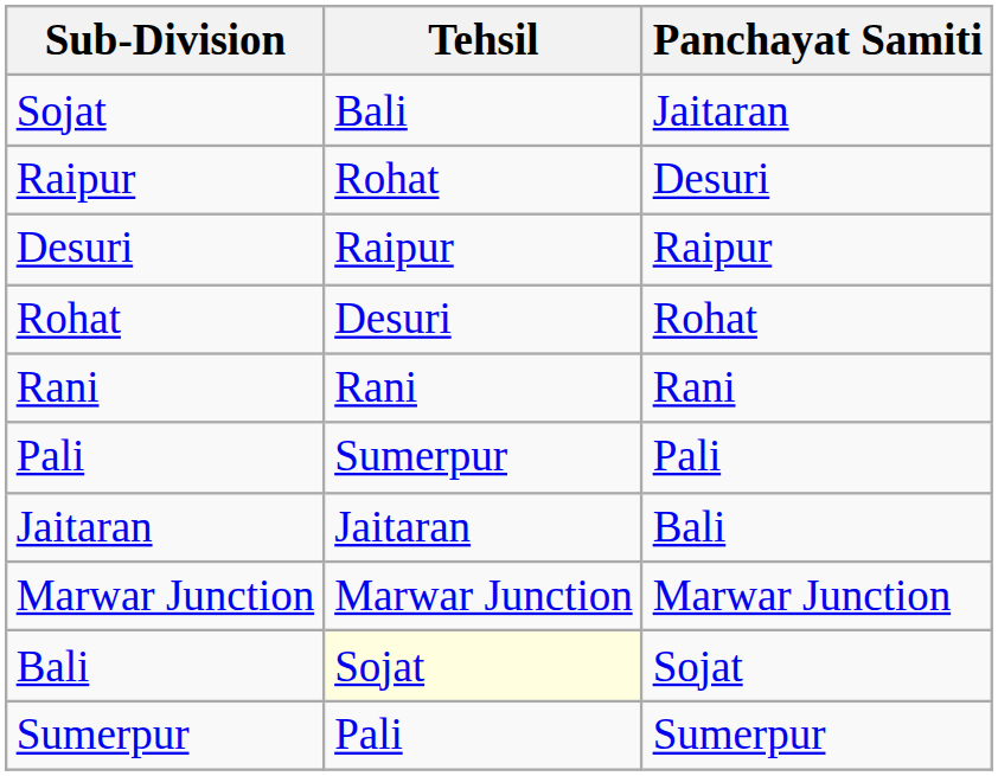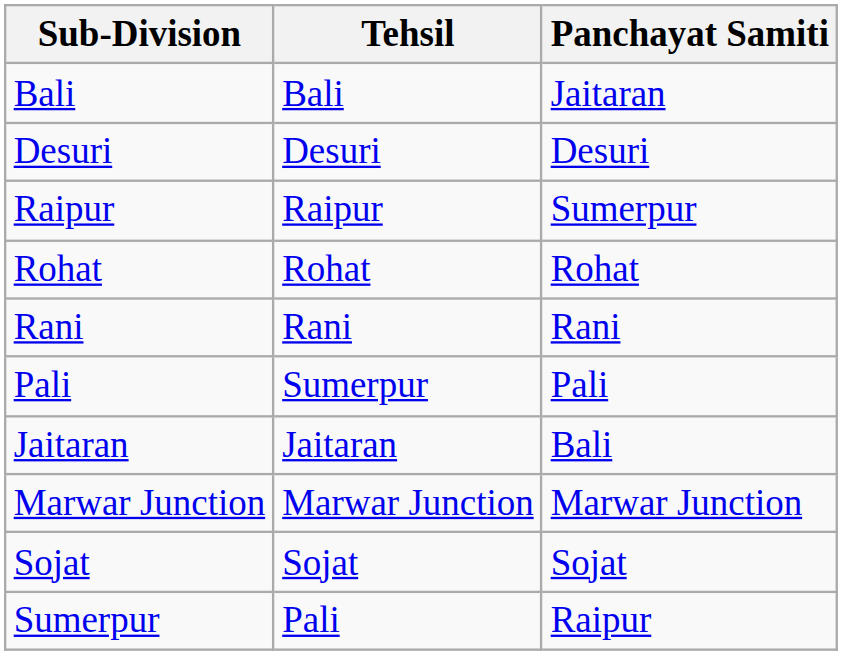 <table border="1" class="wikitable">
 <tr>
 <th>Sub-Division</th>
 <th>Tehsil</th>
 <th>Panchayat Samiti</th>
 </tr>
 <tr>
-<td><a href='#'>Sojat</a></td>
+<td><a href='#'>Bali</a></td>
 <td><a href='#'>Bali</a></td>
 <td><a href='#'>Jaitaran</a></td>
 </tr>
 <tr>
-<td><a href='#'>Raipur</a></td>
-<td><a href='#'>Rohat</a></td>
+<td><a href='#'>Desuri</a></td>
+<td><a href='#'>Desuri</a></td>
 <td><a href='#'>Desuri</a></td>
 </tr>
 <tr>
-<td><a href='#'>Desuri</a></td>
 <td><a href='#'>Raipur</a></td>
 <td><a href='#'>Raipur</a></td>
+<td><a href='#'>Sumerpur</a></td>
 </tr>
 <tr>
 <td><a href='#'>Rohat</a></td>
-<td><a href='#'>Desuri</a></td>
+<td><a href='#'>Rohat</a></td>
 <td><a href='#'>Rohat</a></td>
 </tr>
 <tr>
 <td><a href='#'>Rani</a></td>
 <td><a href='#'>Rani</a></td>
 <td><a href='#'>Rani</a></td>
 </tr>
 <tr>
 <td><a href='#'>Pali</a></td>
 <td><a href='#'>Sumerpur</a></td>
 <td><a href='#'>Pali</a></td>
 </tr>
 <tr>
 <td><a href='#'>Jaitaran</a></td>
 <td><a href='#'>Jaitaran</a></td>
 <td><a href='#'>Bali</a></td>
 </tr>
 <tr>
 <td><a href='#'>Marwar Junction</a></td>
 <td><a href='#'>Marwar Junction</a></td>
 <td><a href='#'>Marwar Junction</a></td>
 </tr>
 <tr>
-<td><a href='#'>Bali</a></td>
-<td style="background: lightyellow;"><a href='#'>Sojat</a></td>
+<td><a href='#'>Sojat</a></td>
+<td><a href='#'>Sojat</a></td>
 <td><a href='#'>Sojat</a></td>
 </tr>
 <tr>
 <td><a href='#'>Sumerpur</a></td>
 <td><a href='#'>Pali</a></td>
-<td><a href='#'>Sumerpur</a></td>
+<td><a href='#'>Raipur</a></td>
 </tr>
 </table>
